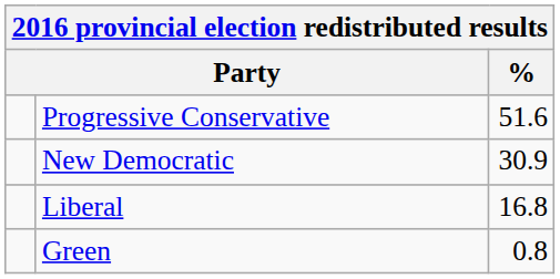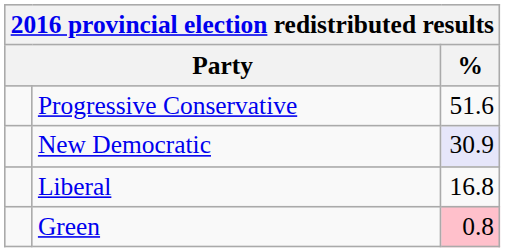 <table class="wikitable">
 <tr>
 <th colspan="4"><a href='#'>2016 provincial election</a> redistributed results</th>
 </tr>
 <tr>
 <th bgcolor="#DDDDFF" width="130px" colspan="2">Party</th>
 <th bgcolor="#DDDDFF" width="30px">%</th>
 </tr>
 <tr>
 <td> </td>
 <td><a href='#'>Progressive Conservative</a></td>
 <td align=right>51.6</td>
 </tr>
 <tr>
 <td> </td>
 <td><a href='#'>New Democratic</a></td>
-<td align=right>30.9</td>
+<td align=right style="background: lavender;">30.9</td>
 </tr>
 <tr>
 <td> </td>
 <td><a href='#'>Liberal</a></td>
 <td align=right>16.8</td>
 </tr>
 <tr>
 <td> </td>
 <td><a href='#'>Green</a></td>
-<td align=right>0.8</td>
+<td align=right style="background: pink;">0.8</td>
 </tr>
 </table>
